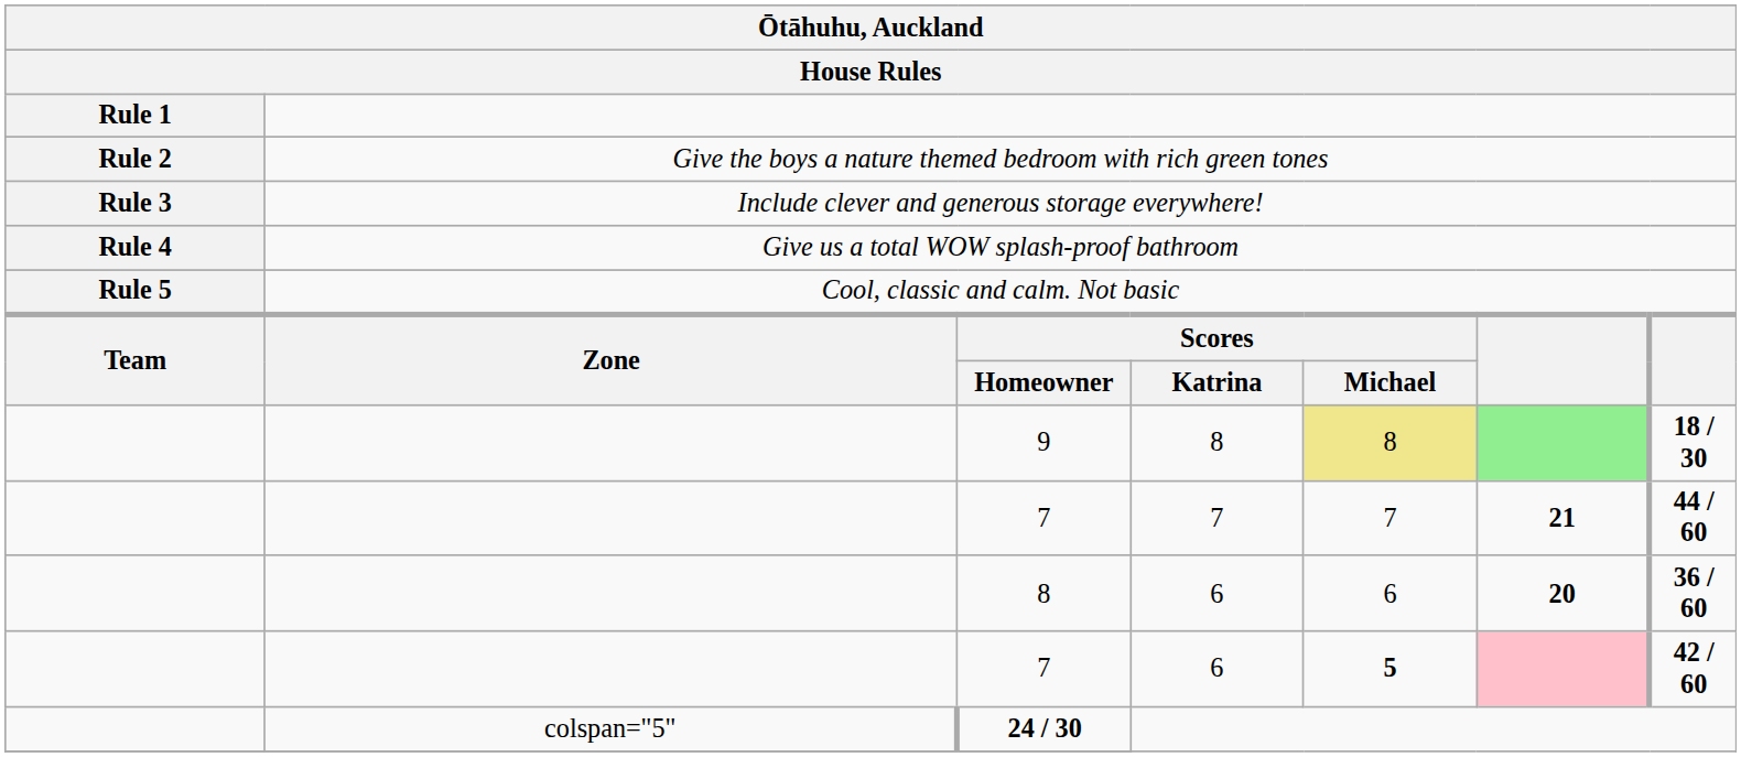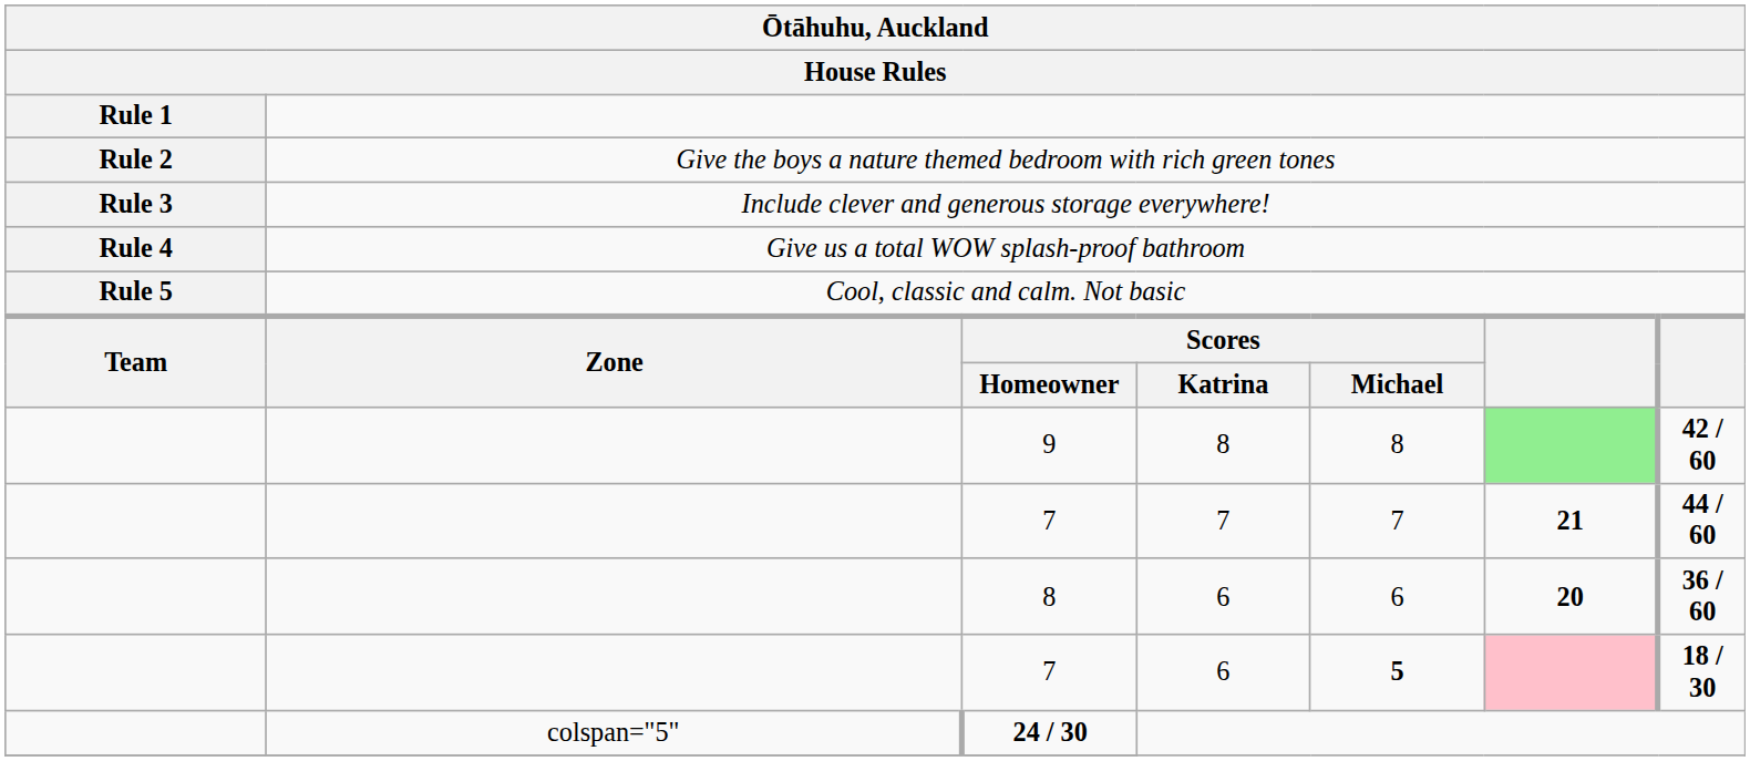 <table class="wikitable plainrowheaders" style="text-align:center; font-size:90%; width:65em;">
 <tr>
 <th colspan="7" >Ōtāhuhu, Auckland</th>
 </tr>
 <tr>
 <th colspan="7">House Rules</th>
 </tr>
 <tr>
 <th>Rule 1</th>
 <td colspan="6"></td>
 </tr>
 <tr>
 <th>Rule 2</th>
 <td colspan="6"><em>Give the boys a nature themed bedroom with rich green tones</em></td>
 </tr>
 <tr>
 <th>Rule 3</th>
 <td colspan="6"><em>Include clever and generous storage everywhere!</em></td>
 </tr>
 <tr>
 <th>Rule 4</th>
 <td colspan="6"><em>Give us a total WOW splash-proof bathroom</em></td>
 </tr>
 <tr>
 <th>Rule 5</th>
 <td colspan="6"><em>Cool, classic and calm. Not basic</em></td>
 </tr>
 <tr style="border-top:3px solid #aaa;">
 <th rowspan="2">Team</th>
 <th rowspan="2" style="width:40%;">Zone</th>
 <th colspan="3" style="width:40%;">Scores</th>
 <th rowspan="2" style="width:10%;"></th>
 <th rowspan="2" style="width:10%; border-left:3px solid #aaa;"></th>
 </tr>
 <tr>
 <th style="width:10%;">Homeowner</th>
 <th style="width:10%;">Katrina</th>
 <th style="width:10%;">Michael</th>
 </tr>
 <tr>
 <td style="width:15%;"></td>
 <td></td>
 <td>9</td>
 <td>8</td>
-<td style="background: khaki;">8</td>
+<td>8</td>
 <td style="background:lightgreen"></td>
-<td style="border-left:3px solid #aaa;"><strong>18 / 30</strong></td>
+<td style="border-left:3px solid #aaa;"><strong>42 / 60</strong></td>
 </tr>
 <tr>
 <td style="width:15%;"></td>
 <td></td>
 <td>7</td>
 <td>7</td>
 <td>7</td>
 <td><strong>21</strong></td>
 <td style="border-left:3px solid #aaa;"><strong>44 / 60</strong></td>
 </tr>
 <tr>
 <td style="width:15%;"></td>
 <td></td>
 <td>8</td>
 <td>6</td>
 <td>6</td>
 <td><strong>20</strong></td>
 <td style="border-left:3px solid #aaa;"><strong>36 / 60</strong></td>
 </tr>
 <tr>
 <td style="width:15%;"></td>
 <td></td>
 <td>7</td>
 <td>6</td>
 <td><strong>5</strong></td>
 <td style="background:pink"></td>
-<td style="border-left:3px solid #aaa;"><strong>42 / 60</strong></td>
+<td style="border-left:3px solid #aaa;"><strong>18 / 30</strong></td>
 </tr>
 <tr>
 <td style="width:15%;"></td>
 <td>colspan="5" </td>
 <td style="border-left:3px solid #aaa;"><strong>24 / 30</strong></td>
 </tr>
 <tr>
 </tr>
 </table>
